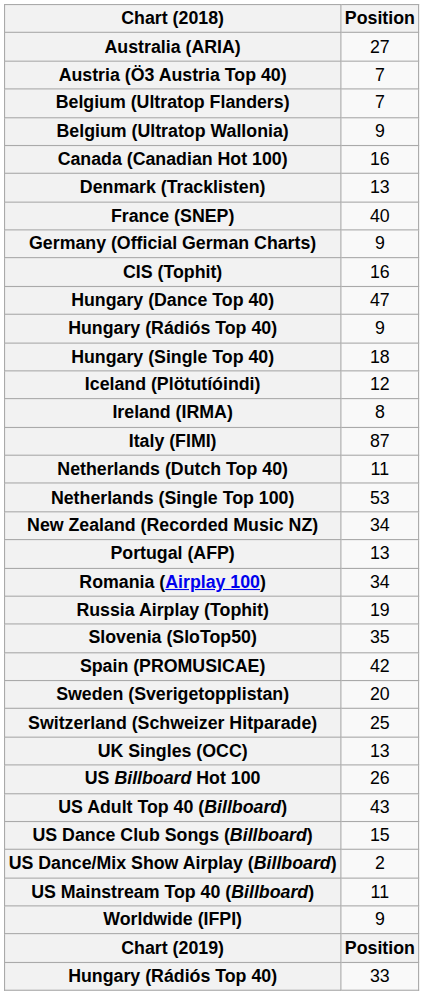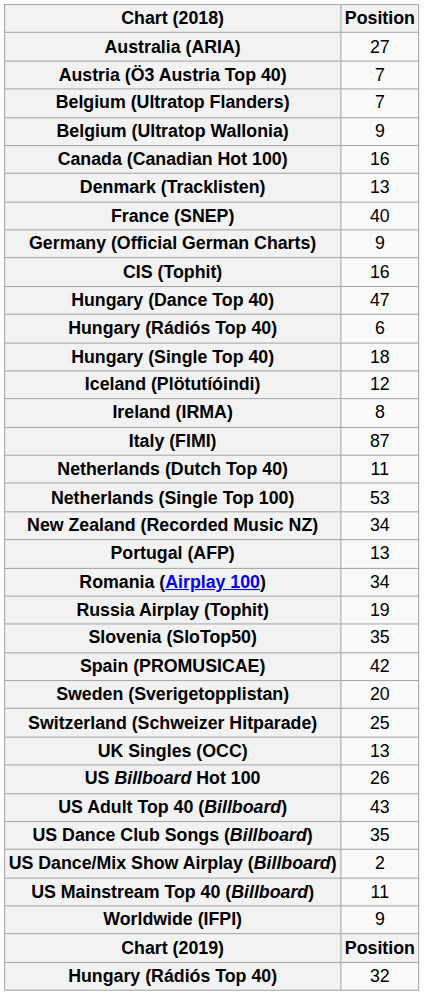 <table class="wikitable sortable plainrowheaders" style="text-align:center">
 <tr>
 <th scope="col">Chart (2018)</th>
 <th scope="col">Position</th>
 </tr>
 <tr>
 <th scope="row">Australia (ARIA)</th>
 <td>27</td>
 </tr>
 <tr>
 <th scope="row">Austria (Ö3 Austria Top 40)</th>
 <td>7</td>
 </tr>
 <tr>
 <th scope="row">Belgium (Ultratop Flanders)</th>
 <td>7</td>
 </tr>
 <tr>
 <th scope="row">Belgium (Ultratop Wallonia)</th>
 <td>9</td>
 </tr>
 <tr>
 <th scope="row">Canada (Canadian Hot 100)</th>
 <td>16</td>
 </tr>
 <tr>
 <th scope="row">Denmark (Tracklisten)</th>
 <td>13</td>
 </tr>
 <tr>
 <th scope="row">France (SNEP)</th>
 <td>40</td>
 </tr>
 <tr>
 <th scope="row">Germany (Official German Charts)</th>
 <td>9</td>
 </tr>
 <tr>
 <th scope="row">CIS (Tophit)</th>
 <td>16</td>
 </tr>
 <tr>
 <th scope="row">Hungary (Dance Top 40)</th>
 <td>47</td>
 </tr>
 <tr>
 <th scope="row">Hungary (Rádiós Top 40)</th>
-<td>9</td>
+<td>6</td>
 </tr>
 <tr>
 <th scope="row">Hungary (Single Top 40)</th>
 <td>18</td>
 </tr>
 <tr>
 <th scope="row">Iceland (Plötutíóindi)</th>
 <td>12</td>
 </tr>
 <tr>
 <th scope="row">Ireland (IRMA)</th>
 <td>8</td>
 </tr>
 <tr>
 <th scope="row">Italy (FIMI)</th>
 <td>87</td>
 </tr>
 <tr>
 <th scope="row">Netherlands (Dutch Top 40)</th>
 <td>11</td>
 </tr>
 <tr>
 <th scope="row">Netherlands (Single Top 100)</th>
 <td>53</td>
 </tr>
 <tr>
 <th scope="row">New Zealand (Recorded Music NZ)</th>
 <td>34</td>
 </tr>
 <tr>
 <th scope="row">Portugal (AFP)</th>
 <td>13</td>
 </tr>
 <tr>
 <th scope="row">Romania (<a href='#'>Airplay 100</a>)</th>
 <td>34</td>
 </tr>
 <tr>
 <th scope="row">Russia Airplay (Tophit)</th>
 <td>19</td>
 </tr>
 <tr>
 <th scope="row">Slovenia (SloTop50)</th>
 <td>35</td>
 </tr>
 <tr>
 <th scope="row">Spain (PROMUSICAE)</th>
 <td>42</td>
 </tr>
 <tr>
 <th scope="row">Sweden (Sverigetopplistan)</th>
 <td>20</td>
 </tr>
 <tr>
 <th scope="row">Switzerland (Schweizer Hitparade)</th>
 <td>25</td>
 </tr>
 <tr>
 <th scope="row">UK Singles (OCC)</th>
 <td>13</td>
 </tr>
 <tr>
 <th scope="row">US <em>Billboard</em> Hot 100</th>
 <td>26</td>
 </tr>
 <tr>
 <th scope="row">US Adult Top 40 (<em>Billboard</em>)</th>
 <td>43</td>
 </tr>
 <tr>
 <th scope="row">US Dance Club Songs (<em>Billboard</em>)</th>
-<td>15</td>
+<td>35</td>
 </tr>
 <tr>
 <th scope="row">US Dance/Mix Show Airplay (<em>Billboard</em>)</th>
 <td>2</td>
 </tr>
 <tr>
 <th scope="row">US Mainstream Top 40 (<em>Billboard</em>)</th>
 <td>11</td>
 </tr>
 <tr>
 <th scope="row">Worldwide (IFPI)</th>
 <td>9</td>
 </tr>
 <tr>
 <th scope="col">Chart (2019)</th>
 <th scope="col">Position</th>
 </tr>
 <tr>
 <th scope="row">Hungary (Rádiós Top 40)</th>
-<td>33</td>
+<td>32</td>
 </tr>
 </table>
